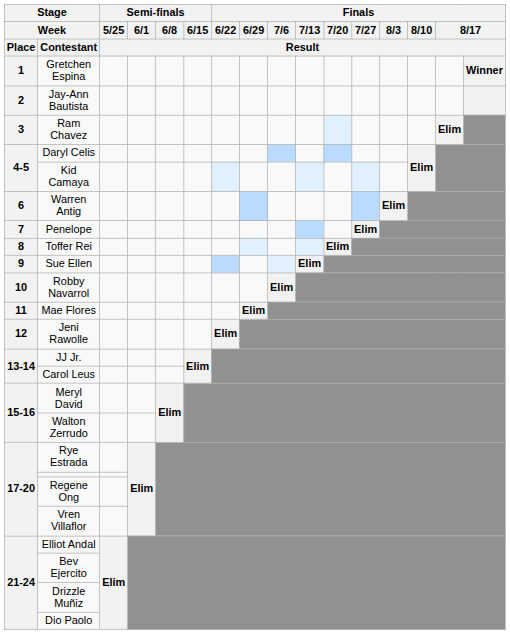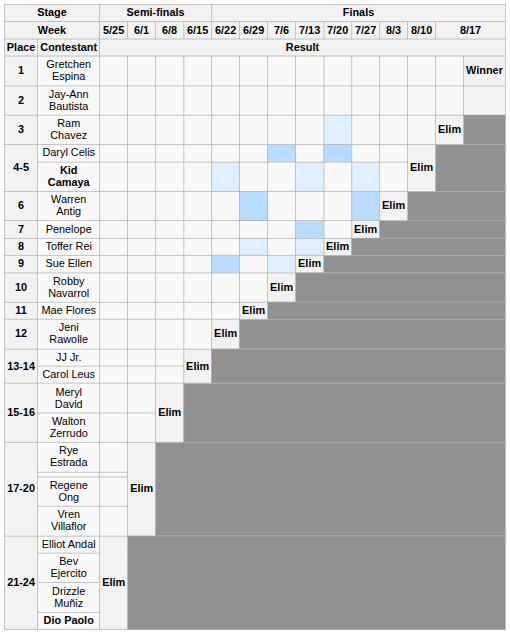 <table class="wikitable" style="text-align:center;">
 <tr>
 <th colspan="2">Stage</th>
 <th colspan="4">Semi-finals</th>
 <th colspan="11">Finals</th>
 </tr>
 <tr>
 <th colspan="2">Week</th>
 <th width=7%>5/25</th>
 <th width=7%>6/1</th>
 <th width=7%>6/8</th>
 <th width=7%>6/15</th>
 <th width=7%>6/22</th>
 <th width=7%>6/29</th>
 <th width=7%>7/6</th>
 <th width=7%>7/13</th>
 <th width=7%>7/20</th>
 <th width=7%>7/27</th>
 <th width=7%>8/3</th>
 <th width=7%>8/10</th>
 <th width=7% colspan=2>8/17</th>
 </tr>
 <tr>
 <th>Place</th>
 <th>Contestant</th>
 <th colspan="14">Result</th>
 </tr>
 <tr>
 <th>1</th>
 <td>Gretchen Espina</td>
 <td></td>
 <td></td>
 <td></td>
 <td></td>
 <td></td>
 <td></td>
 <td></td>
 <td></td>
 <td></td>
 <td></td>
 <td></td>
 <td></td>
 <td></td>
 <th>Winner</th>
 </tr>
 <tr>
 <th>2</th>
 <td>Jay-Ann Bautista</td>
 <td></td>
 <td></td>
 <td></td>
 <td></td>
 <td></td>
 <td></td>
 <td></td>
 <td></td>
 <td></td>
 <td></td>
 <td></td>
 <td></td>
 <td></td>
 <th></th>
 </tr>
 <tr>
 <th>3</th>
 <td>Ram Chavez</td>
 <td></td>
 <td></td>
 <td></td>
 <td></td>
 <td></td>
 <td></td>
 <td></td>
 <td></td>
 <td bgcolor="E0F0FF"></td>
 <td></td>
 <td></td>
 <td></td>
 <th>Elim</th>
 <td bgcolor="919191"></td>
 </tr>
 <tr>
 <th rowspan="2">4-5</th>
 <td>Daryl Celis</td>
 <td></td>
 <td></td>
 <td></td>
 <td></td>
 <td></td>
 <td></td>
 <td bgcolor="B8DBFF"></td>
 <td></td>
 <td bgcolor="B8DBFF"></td>
 <td></td>
 <td></td>
 <th rowspan="2">Elim</th>
 <td bgcolor="919191" rowspan="2" colspan="2"></td>
 </tr>
 <tr>
-<td>Kid Camaya</td>
+<td><strong>Kid Camaya</strong></td>
 <td></td>
 <td></td>
 <td></td>
 <td></td>
 <td bgcolor="E0F0FF"></td>
 <td></td>
 <td></td>
 <td bgcolor="E0F0FF"></td>
 <td></td>
 <td bgcolor="E0F0FF"></td>
 <td></td>
 </tr>
 <tr>
 <th>6</th>
 <td>Warren Antig</td>
 <td></td>
 <td></td>
 <td></td>
 <td></td>
 <td></td>
 <td bgcolor="B8DBFF"></td>
 <td></td>
 <td></td>
 <td></td>
 <td bgcolor="B8DBFF"></td>
 <th>Elim</th>
 <td bgcolor="919191" colspan="3"></td>
 </tr>
 <tr>
 <th>7</th>
 <td>Penelope</td>
 <td></td>
 <td></td>
 <td></td>
 <td></td>
 <td></td>
 <td></td>
 <td></td>
 <td bgcolor="B8DBFF"></td>
 <td></td>
 <th>Elim</th>
 <td bgcolor="919191" colspan="4"></td>
 </tr>
 <tr>
 <th>8</th>
 <td>Toffer Rei</td>
 <td></td>
 <td></td>
 <td></td>
 <td></td>
 <td></td>
 <td bgcolor="E0F0FF"></td>
 <td></td>
 <td bgcolor="E0F0FF"></td>
 <th>Elim</th>
 <td bgcolor="919191" colspan="5"></td>
 </tr>
 <tr>
 <th>9</th>
 <td>Sue Ellen</td>
 <td></td>
 <td></td>
 <td></td>
 <td></td>
 <td bgcolor="B8DBFF"></td>
 <td></td>
 <td bgcolor="E0F0FF"></td>
 <th>Elim</th>
 <td bgcolor="919191" colspan="6"></td>
 </tr>
 <tr>
 <th>10</th>
 <td>Robby Navarrol</td>
 <td></td>
 <td></td>
 <td></td>
 <td></td>
 <td></td>
 <td></td>
 <th>Elim</th>
 <td bgcolor="919191" colspan="7"></td>
 </tr>
 <tr>
 <th>11</th>
 <td>Mae Flores</td>
 <td></td>
 <td></td>
 <td></td>
 <td></td>
 <td></td>
 <th>Elim</th>
 <td bgcolor="919191" colspan="8"></td>
 </tr>
 <tr>
 <th>12</th>
 <td>Jeni Rawolle</td>
 <td></td>
 <td></td>
 <td></td>
 <td></td>
 <th>Elim</th>
 <td bgcolor="919191" colspan="9"></td>
 </tr>
 <tr>
 <th rowspan="2">13-14</th>
 <td>JJ Jr.</td>
 <td></td>
 <td></td>
 <td></td>
 <th rowspan="2">Elim</th>
 <td bgcolor="919191" colspan="10" rowspan="2"></td>
 </tr>
 <tr>
 <td>Carol Leus</td>
 <td></td>
 <td></td>
 <td></td>
 </tr>
 <tr>
 <th rowspan="2">15-16</th>
 <td>Meryl David</td>
 <td></td>
 <td></td>
 <th rowspan="2">Elim</th>
 <td bgcolor="919191" colspan="11" rowspan="2"></td>
 </tr>
 <tr>
 <td>Walton Zerrudo</td>
 <td></td>
 <td></td>
 </tr>
 <tr>
 <th rowspan="4">17-20</th>
 <td>Rye Estrada</td>
 <td></td>
 <th rowspan="4">Elim</th>
 <td bgcolor="919191" colspan="12" rowspan="4"></td>
 </tr>
 <tr>
 <td></td>
 <td></td>
 </tr>
 <tr>
 <td>Regene Ong</td>
 <td></td>
 </tr>
 <tr>
 <td>Vren Villaflor</td>
 <td></td>
 </tr>
 <tr>
 <th rowspan="4">21-24</th>
 <td>Elliot Andal</td>
 <th rowspan="4">Elim</th>
 <td bgcolor="919191" colspan=13 rowspan="4"></td>
 </tr>
 <tr>
 <td>Bev Ejercito</td>
 </tr>
 <tr>
 <td>Drizzle Muñiz</td>
 </tr>
 <tr>
-<td>Dio Paolo</td>
+<td><strong>Dio Paolo</strong></td>
 </tr>
 </table>
